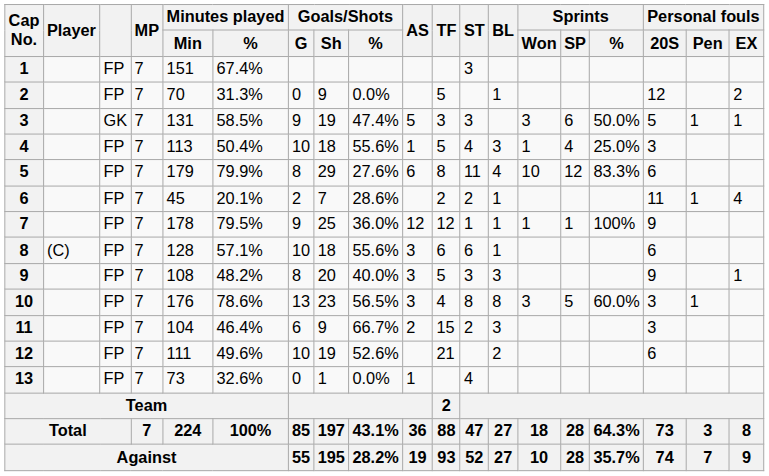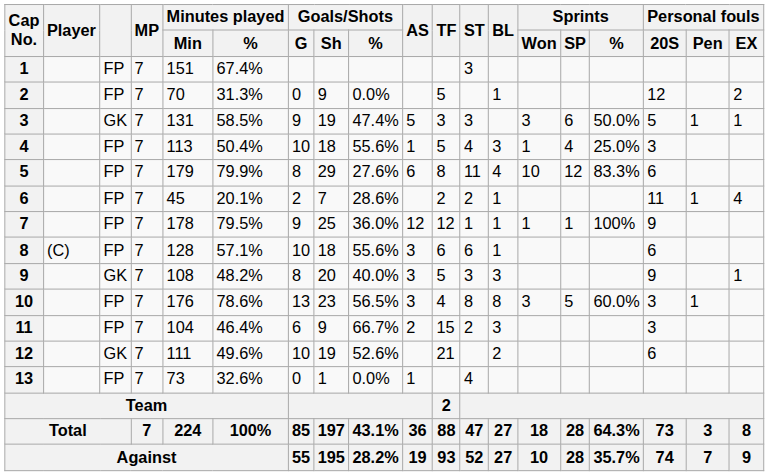 <table class="wikitable sortable sticky-header-multi defaultcenter col2left" style="font-size: 100%; margin-left: 1em;">
 <tr>
 <th scope="col" rowspan="2">Cap<br>No.</th>
 <th scope="col" rowspan="2">Player</th>
 <th scope="col" rowspan="2"></th>
 <th scope="col" rowspan="2">MP</th>
 <th scope="colgroup" colspan="2">Minutes played</th>
 <th scope="colgroup" colspan="3">Goals/Shots</th>
 <th scope="col" rowspan="2">AS</th>
 <th scope="col" rowspan="2">TF</th>
 <th scope="col" rowspan="2">ST</th>
 <th scope="col" rowspan="2">BL</th>
 <th scope="colgroup" colspan="3">Sprints</th>
 <th scope="colgroup" colspan="3">Personal fouls</th>
 </tr>
 <tr>
 <th scope="col">Min</th>
 <th scope="col">%</th>
 <th scope="col">G</th>
 <th scope="col">Sh</th>
 <th scope="col">%</th>
 <th scope="col">Won</th>
 <th scope="col">SP</th>
 <th scope="col">%</th>
 <th scope="col">20S</th>
 <th scope="col">Pen</th>
 <th scope="col">EX</th>
 </tr>
 <tr>
 <th scope="row">1</th>
 <td></td>
 <td>FP</td>
 <td>7</td>
 <td>151</td>
 <td>67.4%</td>
 <td></td>
 <td></td>
 <td></td>
 <td></td>
 <td></td>
 <td>3</td>
 <td></td>
 <td></td>
 <td></td>
 <td></td>
 <td></td>
 <td></td>
 <td></td>
 </tr>
 <tr>
 <th scope="row">2</th>
 <td></td>
 <td>FP</td>
 <td>7</td>
 <td>70</td>
 <td>31.3%</td>
 <td>0</td>
 <td>9</td>
 <td>0.0%</td>
 <td></td>
 <td>5</td>
 <td></td>
 <td>1</td>
 <td></td>
 <td></td>
 <td></td>
 <td>12</td>
 <td></td>
 <td>2</td>
 </tr>
 <tr>
 <th scope="row">3</th>
 <td></td>
 <td>GK</td>
 <td>7</td>
 <td>131</td>
 <td>58.5%</td>
 <td>9</td>
 <td>19</td>
 <td>47.4%</td>
 <td>5</td>
 <td>3</td>
 <td>3</td>
 <td></td>
 <td>3</td>
 <td>6</td>
 <td>50.0%</td>
 <td>5</td>
 <td>1</td>
 <td>1</td>
 </tr>
 <tr>
 <th scope="row">4</th>
 <td></td>
 <td>FP</td>
 <td>7</td>
 <td>113</td>
 <td>50.4%</td>
 <td>10</td>
 <td>18</td>
 <td>55.6%</td>
 <td>1</td>
 <td>5</td>
 <td>4</td>
 <td>3</td>
 <td>1</td>
 <td>4</td>
 <td>25.0%</td>
 <td>3</td>
 <td></td>
 <td></td>
 </tr>
 <tr>
 <th scope="row">5</th>
 <td></td>
 <td>FP</td>
 <td>7</td>
 <td>179</td>
 <td>79.9%</td>
 <td>8</td>
 <td>29</td>
 <td>27.6%</td>
 <td>6</td>
 <td>8</td>
 <td>11</td>
 <td>4</td>
 <td>10</td>
 <td>12</td>
 <td>83.3%</td>
 <td>6</td>
 <td></td>
 <td></td>
 </tr>
 <tr>
 <th scope="row">6</th>
 <td></td>
 <td>FP</td>
 <td>7</td>
 <td>45</td>
 <td>20.1%</td>
 <td>2</td>
 <td>7</td>
 <td>28.6%</td>
 <td></td>
 <td>2</td>
 <td>2</td>
 <td>1</td>
 <td></td>
 <td></td>
 <td></td>
 <td>11</td>
 <td>1</td>
 <td>4</td>
 </tr>
 <tr>
 <th scope="row">7</th>
 <td></td>
 <td>FP</td>
 <td>7</td>
 <td>178</td>
 <td>79.5%</td>
 <td>9</td>
 <td>25</td>
 <td>36.0%</td>
 <td>12</td>
 <td>12</td>
 <td>1</td>
 <td>1</td>
 <td>1</td>
 <td>1</td>
 <td>100%</td>
 <td>9</td>
 <td></td>
 <td></td>
 </tr>
 <tr>
 <th scope="row">8</th>
 <td> (C)</td>
 <td>FP</td>
 <td>7</td>
 <td>128</td>
 <td>57.1%</td>
 <td>10</td>
 <td>18</td>
 <td>55.6%</td>
 <td>3</td>
 <td>6</td>
 <td>6</td>
 <td>1</td>
 <td></td>
 <td></td>
 <td></td>
 <td>6</td>
 <td></td>
 <td></td>
 </tr>
 <tr>
 <th scope="row">9</th>
 <td></td>
-<td>FP</td>
+<td>GK</td>
 <td>7</td>
 <td>108</td>
 <td>48.2%</td>
 <td>8</td>
 <td>20</td>
 <td>40.0%</td>
 <td>3</td>
 <td>5</td>
 <td>3</td>
 <td>3</td>
 <td></td>
 <td></td>
 <td></td>
 <td>9</td>
 <td></td>
 <td>1</td>
 </tr>
 <tr>
 <th scope="row">10</th>
 <td></td>
 <td>FP</td>
 <td>7</td>
 <td>176</td>
 <td>78.6%</td>
 <td>13</td>
 <td>23</td>
 <td>56.5%</td>
 <td>3</td>
 <td>4</td>
 <td>8</td>
 <td>8</td>
 <td>3</td>
 <td>5</td>
 <td>60.0%</td>
 <td>3</td>
 <td>1</td>
 <td></td>
 </tr>
 <tr>
 <th scope="row">11</th>
 <td></td>
 <td>FP</td>
 <td>7</td>
 <td>104</td>
 <td>46.4%</td>
 <td>6</td>
 <td>9</td>
 <td>66.7%</td>
 <td>2</td>
 <td>15</td>
 <td>2</td>
 <td>3</td>
 <td></td>
 <td></td>
 <td></td>
 <td>3</td>
 <td></td>
 <td></td>
 </tr>
 <tr>
 <th scope="row">12</th>
 <td></td>
-<td>FP</td>
+<td>GK</td>
 <td>7</td>
 <td>111</td>
 <td>49.6%</td>
 <td>10</td>
 <td>19</td>
 <td>52.6%</td>
 <td></td>
 <td>21</td>
 <td></td>
 <td>2</td>
 <td></td>
 <td></td>
 <td></td>
 <td>6</td>
 <td></td>
 <td></td>
 </tr>
 <tr>
 <th scope="row">13</th>
 <td></td>
 <td>FP</td>
 <td>7</td>
 <td>73</td>
 <td>32.6%</td>
 <td>0</td>
 <td>1</td>
 <td>0.0%</td>
 <td>1</td>
 <td></td>
 <td>4</td>
 <td></td>
 <td></td>
 <td></td>
 <td></td>
 <td></td>
 <td></td>
 <td></td>
 </tr>
 <tr class="sortbottom">
 <th colspan="6">Team</th>
 <th colspan="4"></th>
 <th>2</th>
 <th colspan="8"></th>
 </tr>
 <tr class="sortbottom">
 <th colspan="3">Total</th>
 <th>7</th>
 <th>224</th>
 <th>100%</th>
 <th>85</th>
 <th>197</th>
 <th>43.1%</th>
 <th>36</th>
 <th>88</th>
 <th>47</th>
 <th>27</th>
 <th>18</th>
 <th>28</th>
 <th>64.3%</th>
 <th>73</th>
 <th>3</th>
 <th>8</th>
 </tr>
 <tr class="sortbottom">
 <th colspan="6">Against</th>
 <th>55</th>
 <th>195</th>
 <th>28.2%</th>
 <th>19</th>
 <th>93</th>
 <th>52</th>
 <th>27</th>
 <th>10</th>
 <th>28</th>
 <th>35.7%</th>
 <th>74</th>
 <th>7</th>
 <th>9</th>
 </tr>
 </table>
